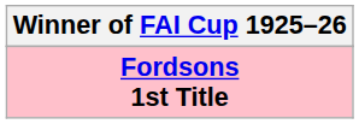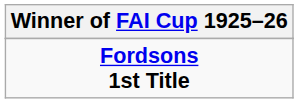 <table class="wikitable" style="text-align: center; margin: 0 auto;">
 <tr>
 <th>Winner of <a href='#'>FAI Cup</a> 1925–26</th>
 </tr>
 <tr>
 </tr>
 <tr>
-<td style="background: pink;"><strong><a href='#'>Fordsons</a></strong><br><strong>1st Title</strong></td>
+<td><strong><a href='#'>Fordsons</a></strong><br><strong>1st Title</strong></td>
 </tr>
 </table>
